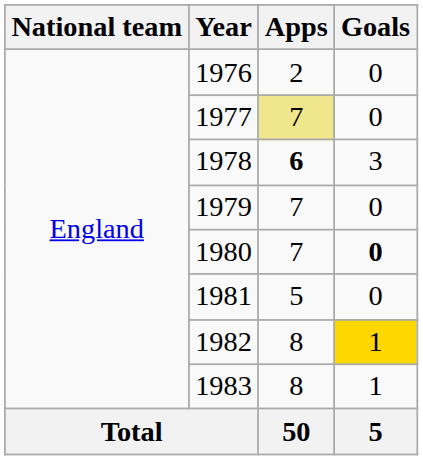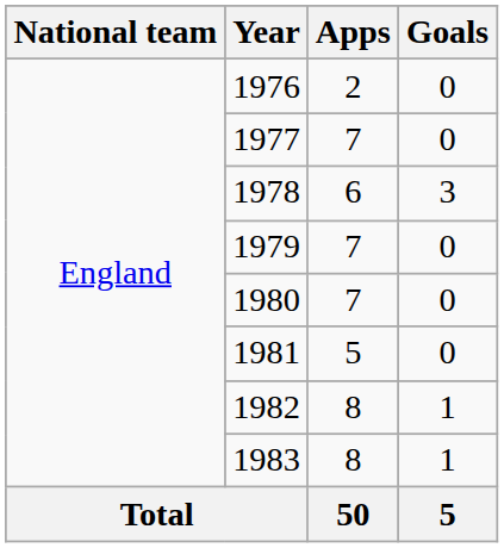 <table class="wikitable" style="text-align:center">
 <tr>
 <th>National team</th>
 <th>Year</th>
 <th>Apps</th>
 <th>Goals</th>
 </tr>
 <tr>
 <td rowspan="8"><a href='#'>England</a></td>
 <td>1976</td>
 <td>2</td>
 <td>0</td>
 </tr>
 <tr>
 <td>1977</td>
-<td style="background: khaki;">7</td>
+<td>7</td>
 <td>0</td>
 </tr>
 <tr>
 <td>1978</td>
-<td><strong>6</strong></td>
+<td>6</td>
 <td>3</td>
 </tr>
 <tr>
 <td>1979</td>
 <td>7</td>
 <td>0</td>
 </tr>
 <tr>
 <td>1980</td>
 <td>7</td>
-<td><strong>0</strong></td>
+<td>0</td>
 </tr>
 <tr>
 <td>1981</td>
 <td>5</td>
 <td>0</td>
 </tr>
 <tr>
 <td>1982</td>
 <td>8</td>
-<td style="background: gold;">1</td>
+<td>1</td>
 </tr>
 <tr>
 <td>1983</td>
 <td>8</td>
 <td>1</td>
 </tr>
 <tr>
 <th colspan="2">Total</th>
 <th>50</th>
 <th>5</th>
 </tr>
 </table>
